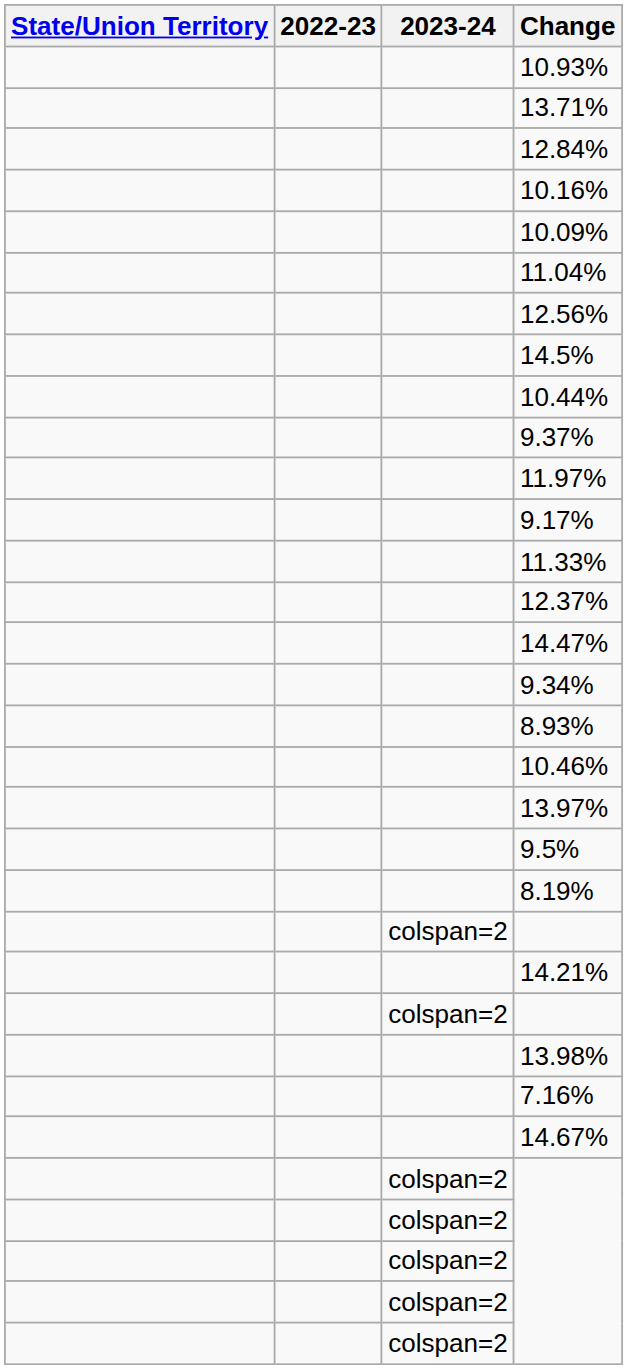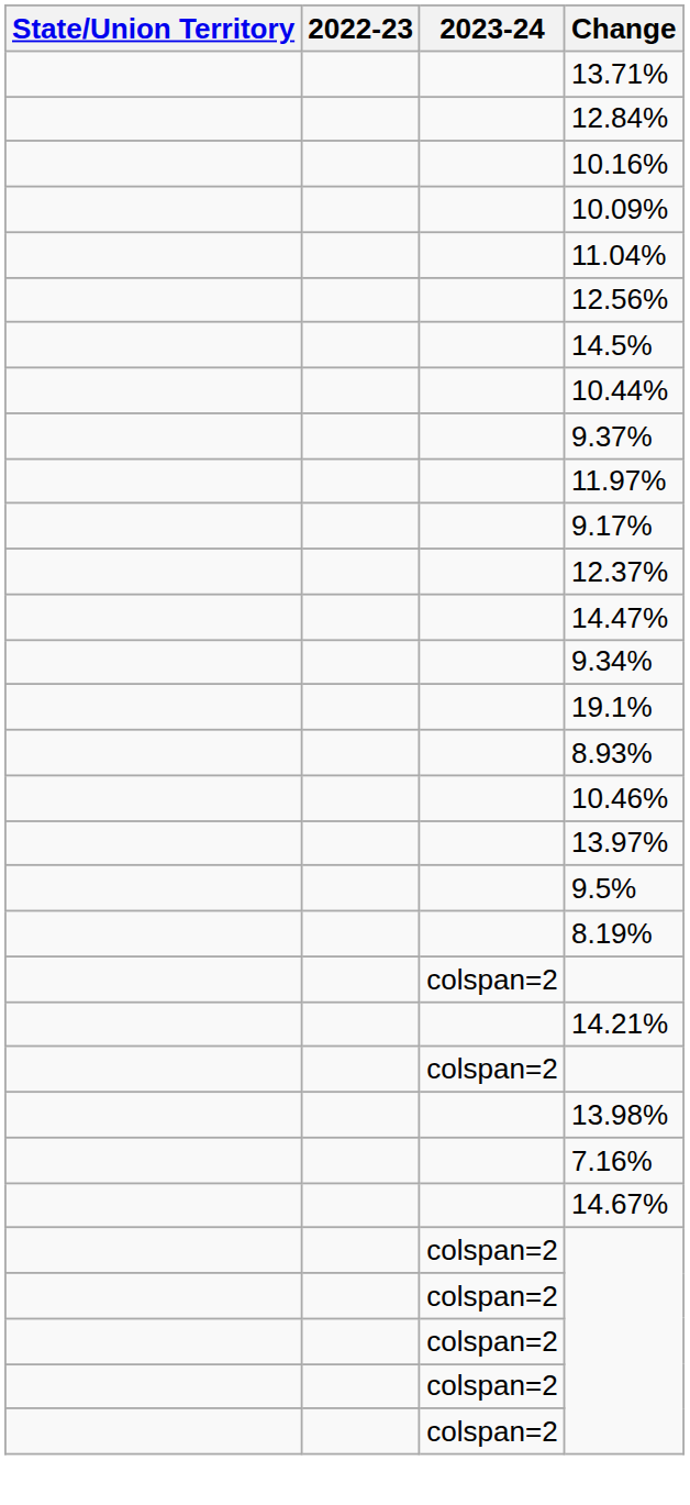 <table class="wikitable sortable static-row-numbers defaultright col4center" style="font-size:90%;">
 <tr class="static-row-header" style="text-align:center;vertical-align:bottom;">
 <th><a href='#'>State/Union Territory</a></th>
 <th>2022-23</th>
 <th>2023-24</th>
 <th>Change</th>
-</tr>
-<tr>
-<td></td>
-<td></td>
-<td></td>
-<td> 10.93%</td>
 </tr>
 <tr>
 <td></td>
 <td></td>
 <td></td>
 <td> 13.71%</td>
 </tr>
 <tr>
 <td></td>
 <td></td>
 <td></td>
 <td> 12.84%</td>
 </tr>
 <tr>
 <td></td>
 <td></td>
 <td></td>
 <td> 10.16%</td>
 </tr>
 <tr>
 <td></td>
 <td></td>
 <td></td>
 <td> 10.09%</td>
 </tr>
 <tr>
 <td></td>
 <td></td>
 <td></td>
 <td> 11.04%</td>
 </tr>
 <tr>
 <td></td>
 <td></td>
 <td></td>
 <td> 12.56%</td>
 </tr>
 <tr>
 <td></td>
 <td></td>
 <td></td>
 <td> 14.5%</td>
 </tr>
 <tr>
 <td></td>
 <td></td>
 <td></td>
 <td> 10.44%</td>
 </tr>
 <tr>
 <td></td>
 <td></td>
 <td></td>
 <td> 9.37%</td>
 </tr>
 <tr>
 <td></td>
 <td></td>
 <td></td>
 <td> 11.97%</td>
 </tr>
 <tr>
 <td></td>
 <td></td>
 <td></td>
 <td> 9.17%</td>
 </tr>
 <tr>
 <td></td>
 <td></td>
 <td></td>
-<td> 11.33%</td>
-</tr>
-<tr>
-<td></td>
-<td></td>
-<td></td>
 <td> 12.37%</td>
 </tr>
 <tr>
 <td></td>
 <td></td>
 <td></td>
 <td> 14.47%</td>
 </tr>
 <tr>
 <td></td>
 <td></td>
 <td></td>
 <td> 9.34%</td>
+</tr>
+<tr>
+<td></td>
+<td></td>
+<td></td>
+<td> 19.1%</td>
 </tr>
 <tr>
 <td></td>
 <td></td>
 <td></td>
 <td> 8.93%</td>
 </tr>
 <tr>
 <td></td>
 <td></td>
 <td></td>
 <td> 10.46%</td>
 </tr>
 <tr>
 <td></td>
 <td></td>
 <td></td>
 <td> 13.97%</td>
 </tr>
 <tr>
 <td></td>
 <td></td>
 <td></td>
 <td> 9.5%</td>
 </tr>
 <tr>
 <td></td>
 <td></td>
 <td></td>
 <td> 8.19%</td>
 </tr>
 <tr>
 <td></td>
 <td></td>
 <td>colspan=2 </td>
 </tr>
 <tr>
 <td></td>
 <td></td>
 <td></td>
 <td> 14.21%</td>
 </tr>
 <tr>
 <td></td>
 <td></td>
 <td>colspan=2 </td>
 </tr>
 <tr>
 <td></td>
 <td></td>
 <td></td>
 <td> 13.98%</td>
 </tr>
 <tr>
 <td></td>
 <td></td>
 <td></td>
 <td> 7.16%</td>
 </tr>
 <tr>
 <td></td>
 <td></td>
 <td></td>
 <td> 14.67%</td>
 </tr>
 <tr>
 <td></td>
 <td></td>
 <td>colspan=2 </td>
 </tr>
 <tr>
 <td></td>
 <td></td>
 <td>colspan=2 </td>
 </tr>
 <tr>
 <td></td>
 <td></td>
 <td>colspan=2 </td>
 </tr>
 <tr>
 <td></td>
 <td></td>
 <td>colspan=2 </td>
 </tr>
 <tr>
 <td></td>
 <td></td>
 <td>colspan=2 </td>
 </tr>
 </table>
